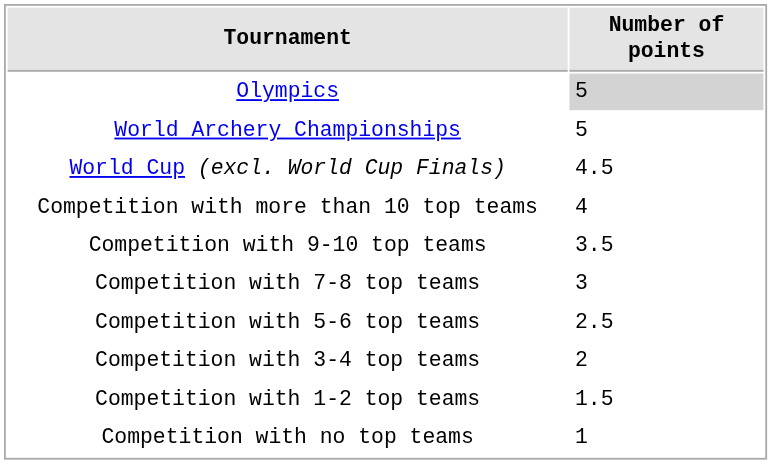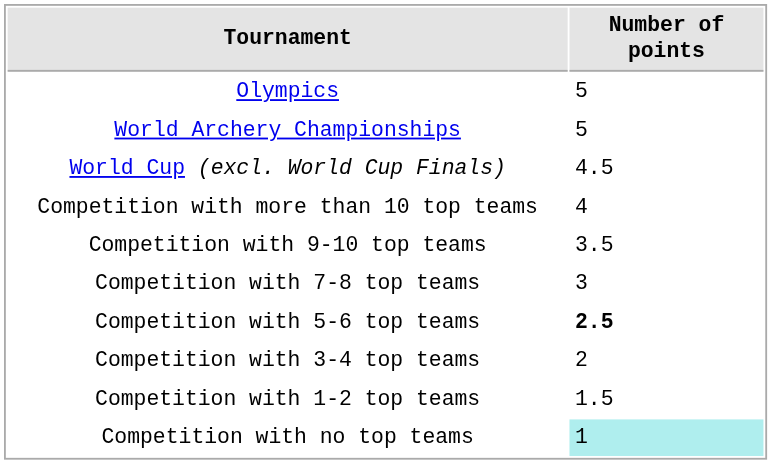 <table cellspacing="1" cellpadding="3" style="border:1px solid #aaa; font-size:90%;">
 <tr style="background:#e4e4e4;">
 <th style="border-bottom:1px solid #aaa; width:300px;">Tournament</th>
 <th style="border-bottom:1px solid #aaa; width:100px;">Number of points</th>
 </tr>
 <tr>
 <td style="text-align:center;"><a href='#'>Olympics</a></td>
-<td style="background: lightgrey;">5</td>
+<td>5</td>
 </tr>
 <tr>
 <td style="text-align:center;"><a href='#'>World Archery Championships</a></td>
 <td>5</td>
 </tr>
 <tr>
 <td style="text-align:center;"><a href='#'>World Cup</a> <em>(excl. World Cup Finals)</em></td>
 <td>4.5</td>
 </tr>
 <tr>
 <td style="text-align:center;">Competition with more than 10 top teams</td>
 <td>4</td>
 </tr>
 <tr>
 <td style="text-align:center;">Competition with 9-10 top teams</td>
 <td>3.5</td>
 </tr>
 <tr>
 <td style="text-align:center;">Competition with 7-8 top teams</td>
 <td>3</td>
 </tr>
 <tr>
 <td style="text-align:center;">Competition with 5-6 top teams</td>
-<td>2.5</td>
+<td><strong>2.5</strong></td>
 </tr>
 <tr>
 <td style="text-align:center;">Competition with 3-4 top teams</td>
 <td>2</td>
 </tr>
 <tr>
 <td style="text-align:center;">Competition with 1-2 top teams</td>
 <td>1.5</td>
 </tr>
 <tr>
 <td style="text-align:center;">Competition with no top teams</td>
-<td>1</td>
+<td style="background: paleturquoise;">1</td>
 </tr>
 </table>
